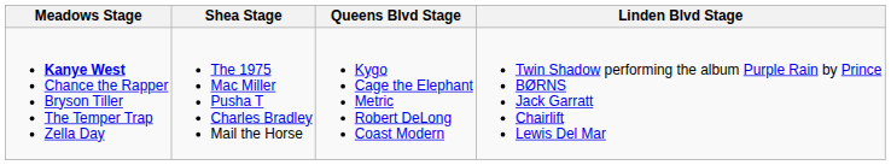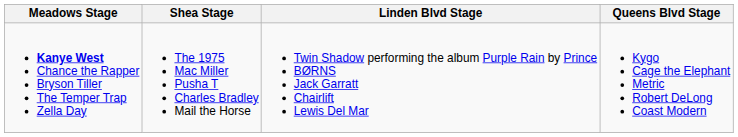 <table class="wikitable">
 <tr>
 <th>Meadows Stage</th>
 <th>Shea Stage</th>
+<th>Linden Blvd Stage</th>
 <th>Queens Blvd Stage</th>
-<th>Linden Blvd Stage</th>
 </tr>
 <tr valign="top">
 <td><br><ul><li><strong><a href='#'>Kanye West</a></strong></li><li><a href='#'>Chance the Rapper</a></li><li><a href='#'>Bryson Tiller</a></li><li><a href='#'>The Temper Trap</a></li><li><a href='#'>Zella Day</a></li></ul></td>
 <td><br><ul><li><a href='#'>The 1975</a></li><li><a href='#'>Mac Miller</a></li><li><a href='#'>Pusha T</a></li><li><a href='#'>Charles Bradley</a></li><li>Mail the Horse</li></ul></td>
+<td><br><ul><li><a href='#'>Twin Shadow</a> performing the album <a href='#'>Purple Rain</a> by <a href='#'>Prince</a></li><li><a href='#'>BØRNS</a></li><li><a href='#'>Jack Garratt</a></li><li><a href='#'>Chairlift</a></li><li><a href='#'>Lewis Del Mar</a></li></ul></td>
 <td><br><ul><li><a href='#'>Kygo</a></li><li><a href='#'>Cage the Elephant</a></li><li><a href='#'>Metric</a></li><li><a href='#'>Robert DeLong</a></li><li><a href='#'>Coast Modern</a></li></ul></td>
-<td><br><ul><li><a href='#'>Twin Shadow</a> performing the album <a href='#'>Purple Rain</a> by <a href='#'>Prince</a></li><li><a href='#'>BØRNS</a></li><li><a href='#'>Jack Garratt</a></li><li><a href='#'>Chairlift</a></li><li><a href='#'>Lewis Del Mar</a></li></ul></td>
 </tr>
 </table>
